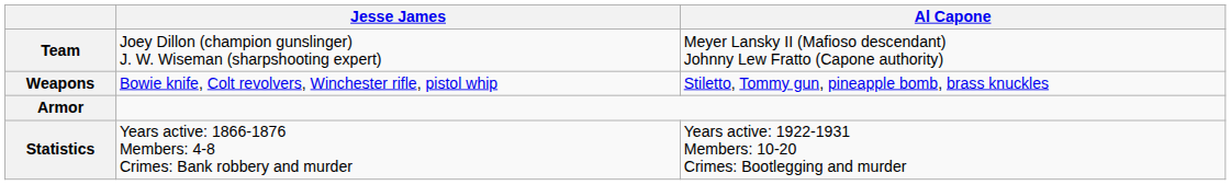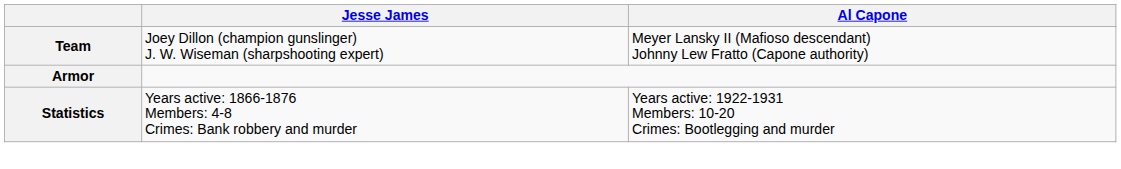 <table class="wikitable unsortable" ; style="width: 100%">
 <tr>
 <th></th>
 <th><strong><a href='#'>Jesse James</a></strong></th>
 <th><strong><a href='#'>Al Capone</a></strong></th>
 </tr>
 <tr>
 <th>Team</th>
 <td>Joey Dillon (champion gunslinger)<br>J. W. Wiseman (sharpshooting expert)</td>
 <td>Meyer Lansky II (Mafioso descendant)<br>Johnny Lew Fratto (Capone authority)</td>
 </tr>
 <tr>
-<th>Weapons</th>
-<td><a href='#'>Bowie knife</a>, <a href='#'>Colt revolvers</a>, <a href='#'>Winchester rifle</a>, <a href='#'>pistol whip</a></td>
-<td><a href='#'>Stiletto</a>, <a href='#'>Tommy gun</a>, <a href='#'>pineapple bomb</a>, <a href='#'>brass knuckles</a></td>
-</tr>
-<tr>
 <th>Armor</th>
 <td colspan="2"></td>
 </tr>
 <tr>
 <th>Statistics</th>
 <td>Years active: 1866-1876<br>Members: 4-8<br>Crimes: Bank robbery and murder</td>
 <td>Years active: 1922-1931<br>Members: 10-20<br>Crimes: Bootlegging and murder</td>
 </tr>
 </table>
